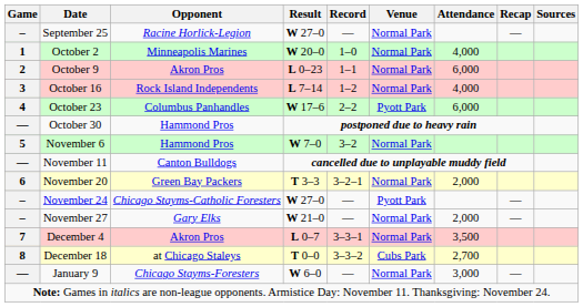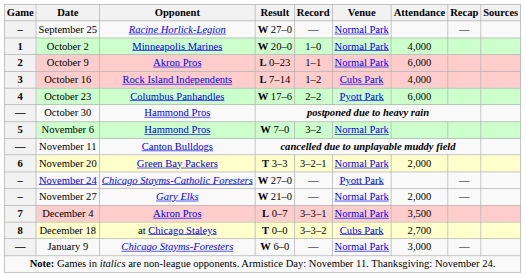 <table class="wikitable" style="text-align:center">
 <tr>
 <th>Game</th>
 <th>Date</th>
 <th>Opponent</th>
 <th>Result</th>
 <th>Record</th>
 <th>Venue</th>
 <th>Attendance</th>
 <th>Recap</th>
 <th>Sources</th>
 </tr>
 <tr>
 <th>–</th>
 <td>September 25</td>
 <td><em><a href='#'>Racine Horlick-Legion</a></em></td>
 <td><strong>W</strong> 27–0</td>
 <td>—</td>
 <td><a href='#'>Normal Park</a></td>
 <td></td>
 <td>—</td>
 <td></td>
 </tr>
 <tr style="background:#cfc">
 <th>1</th>
 <td>October 2</td>
 <td><a href='#'>Minneapolis Marines</a></td>
 <td><strong>W</strong> 20–0</td>
 <td>1–0</td>
 <td><a href='#'>Normal Park</a></td>
 <td>4,000</td>
 <td></td>
 <td></td>
 </tr>
 <tr style="background:#fcc">
 <th>2</th>
 <td>October 9</td>
 <td><a href='#'>Akron Pros</a></td>
 <td><strong>L</strong> 0–23</td>
 <td>1–1</td>
 <td><a href='#'>Normal Park</a></td>
 <td>6,000</td>
 <td></td>
 <td></td>
 </tr>
 <tr style="background:#fcc">
 <th>3</th>
 <td>October 16</td>
 <td><a href='#'>Rock Island Independents</a></td>
 <td><strong>L</strong> 7–14</td>
 <td>1–2</td>
-<td><a href='#'>Normal Park</a></td>
+<td><a href='#'>Cubs Park</a></td>
 <td>4,000</td>
 <td></td>
 <td></td>
 </tr>
 <tr style="background:#cfc">
 <th>4</th>
 <td>October 23</td>
 <td><a href='#'>Columbus Panhandles</a></td>
 <td><strong>W</strong> 17–6</td>
 <td>2–2</td>
 <td><a href='#'>Pyott Park</a></td>
 <td>6,000</td>
 <td></td>
 <td></td>
 </tr>
 <tr>
 <th>—</th>
 <td>October 30</td>
 <td><a href='#'>Hammond Pros</a></td>
 <td colspan="5"><strong><em>postponed due to heavy rain</em></strong></td>
 <td></td>
 </tr>
 <tr style="background:#cfc">
 <th>5</th>
 <td>November 6</td>
 <td><a href='#'>Hammond Pros</a></td>
 <td><strong>W</strong> 7–0</td>
 <td>3–2</td>
 <td><a href='#'>Normal Park</a></td>
 <td></td>
 <td></td>
 <td></td>
 </tr>
 <tr>
 <th>—</th>
 <td>November 11</td>
 <td><a href='#'>Canton Bulldogs</a></td>
 <td colspan="5"><strong><em>cancelled due to unplayable muddy field</em></strong></td>
 <td></td>
 </tr>
 <tr style="background:#ffc">
 <th>6</th>
 <td>November 20</td>
 <td><a href='#'>Green Bay Packers</a></td>
 <td><strong>T</strong> 3–3</td>
 <td>3–2–1</td>
 <td><a href='#'>Normal Park</a></td>
 <td>2,000</td>
 <td></td>
 <td></td>
 </tr>
 <tr>
 <th>–</th>
 <td><a href='#'>November 24</a></td>
 <td><em><a href='#'>Chicago Stayms-Catholic Foresters</a></em></td>
 <td><strong>W</strong> 27–0</td>
 <td>—</td>
 <td><a href='#'>Pyott Park</a></td>
 <td></td>
 <td>—</td>
 <td></td>
 </tr>
 <tr>
 <th>–</th>
 <td>November 27</td>
 <td><em><a href='#'>Gary Elks</a></em></td>
 <td><strong>W</strong> 21–0</td>
 <td>—</td>
 <td><a href='#'>Normal Park</a></td>
 <td>2,000</td>
 <td>—</td>
 <td></td>
 </tr>
 <tr style="background:#fcc">
 <th>7</th>
 <td>December 4</td>
 <td><a href='#'>Akron Pros</a></td>
 <td><strong>L</strong> 0–7</td>
 <td>3–3–1</td>
 <td><a href='#'>Normal Park</a></td>
 <td>3,500</td>
 <td></td>
 <td></td>
 </tr>
 <tr style="background:#ffc">
 <th>8</th>
 <td>December 18</td>
 <td>at <a href='#'>Chicago Staleys</a></td>
 <td><strong>T</strong> 0–0</td>
 <td>3–3–2</td>
 <td><a href='#'>Cubs Park</a></td>
 <td>2,700</td>
 <td></td>
 <td></td>
 </tr>
 <tr>
 <th>—</th>
 <td>January 9</td>
 <td><em><a href='#'>Chicago Stayms-Foresters</a></em></td>
 <td><strong>W</strong> 6–0</td>
 <td>—</td>
 <td><a href='#'>Normal Park</a></td>
 <td>3,000</td>
 <td>—</td>
 <td></td>
 </tr>
 <tr>
 <td colspan="10"><strong>Note:</strong> Games in <em>italics</em> are non-league opponents. Armistice Day: November 11. Thanksgiving: November 24.</td>
 </tr>
 </table>
